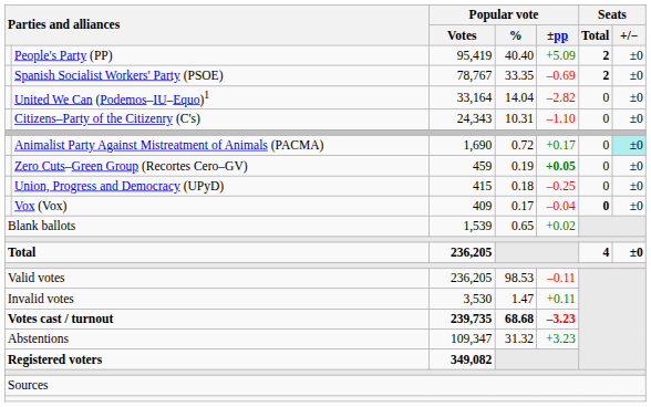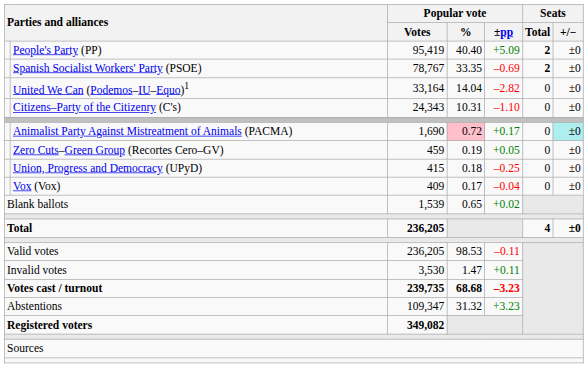 <table class="wikitable" style="text-align:right;">
 <tr>
 <th style="text-align:left;" rowspan="2" colspan="2" width="525">Parties and alliances</th>
 <th colspan="3">Popular vote</th>
 <th colspan="2">Seats</th>
 </tr>
 <tr>
 <th width="75">Votes</th>
 <th width="45">%</th>
 <th width="45">±<a href='#'>pp</a></th>
 <th width="35">Total</th>
 <th width="35">+/−</th>
 </tr>
 <tr>
 <td width="1" style="color:inherit;background:"></td>
 <td align="left"><a href='#'>People's Party</a> (PP)</td>
 <td>95,419</td>
 <td>40.40</td>
 <td style="color:green;">+5.09</td>
 <td><strong>2</strong></td>
 <td>±0</td>
 </tr>
 <tr>
 <td style="color:inherit;background:"></td>
 <td align="left"><a href='#'>Spanish Socialist Workers' Party</a> (PSOE)</td>
 <td>78,767</td>
 <td>33.35</td>
 <td style="color:red;">–0.69</td>
 <td><strong>2</strong></td>
 <td>±0</td>
 </tr>
 <tr>
 <td style="color:inherit;background:"></td>
 <td align="left"><a href='#'>United We Can</a> (<a href='#'>Podemos</a>–<a href='#'>IU</a>–<a href='#'>Equo</a>)<sup>1</sup></td>
 <td>33,164</td>
 <td>14.04</td>
 <td style="color:red;">–2.82</td>
 <td>0</td>
 <td>±0</td>
 </tr>
 <tr>
 <td style="color:inherit;background:"></td>
 <td align="left"><a href='#'>Citizens–Party of the Citizenry</a> (C's)</td>
 <td>24,343</td>
 <td>10.31</td>
 <td style="color:red;">–1.10</td>
 <td>0</td>
 <td>±0</td>
 </tr>
 <tr>
 <td colspan="7" bgcolor="#C0C0C0"></td>
 </tr>
 <tr>
 <td style="color:inherit;background:"></td>
 <td align="left"><a href='#'>Animalist Party Against Mistreatment of Animals</a> (PACMA)</td>
 <td>1,690</td>
-<td>0.72</td>
+<td style="background: pink;">0.72</td>
 <td style="color:green;">+0.17</td>
 <td>0</td>
 <td style="background: paleturquoise;">±0</td>
 </tr>
 <tr>
 <td style="color:inherit;background:"></td>
 <td align="left"><a href='#'>Zero Cuts</a>–<a href='#'>Green Group</a> (Recortes Cero–GV)</td>
 <td>459</td>
 <td>0.19</td>
-<td style="color:green;"><strong>+0.05</strong></td>
+<td style="color:green;">+0.05</td>
 <td>0</td>
 <td>±0</td>
 </tr>
 <tr>
 <td style="color:inherit;background:"></td>
 <td align="left"><a href='#'>Union, Progress and Democracy</a> (UPyD)</td>
 <td>415</td>
 <td>0.18</td>
 <td style="color:red;">–0.25</td>
 <td>0</td>
 <td>±0</td>
 </tr>
 <tr>
 <td style="color:inherit;background:"></td>
 <td align="left"><a href='#'>Vox</a> (Vox)</td>
 <td>409</td>
 <td>0.17</td>
 <td style="color:red;">–0.04</td>
-<td><strong>0</strong></td>
+<td>0</td>
 <td>±0</td>
 </tr>
 <tr>
 <td align="left" colspan="2">Blank ballots</td>
 <td>1,539</td>
 <td>0.65</td>
 <td style="color:green;">+0.02</td>
 <td bgcolor="#E9E9E9" colspan="2"></td>
 </tr>
 <tr>
 <td colspan="7" bgcolor="#E9E9E9"></td>
 </tr>
 <tr style="font-weight:bold;">
 <td align="left" colspan="2">Total</td>
 <td>236,205</td>
 <td bgcolor="#E9E9E9" colspan="2"></td>
 <td>4</td>
 <td>±0</td>
 </tr>
 <tr>
 <td colspan="7" bgcolor="#E9E9E9"></td>
 </tr>
 <tr>
 <td align="left" colspan="2">Valid votes</td>
 <td>236,205</td>
 <td>98.53</td>
 <td style="color:red;">–0.11</td>
 <td bgcolor="#E9E9E9" colspan="2" rowspan="5"></td>
 </tr>
 <tr>
 <td align="left" colspan="2">Invalid votes</td>
 <td>3,530</td>
 <td>1.47</td>
 <td style="color:green;">+0.11</td>
 </tr>
 <tr style="font-weight:bold;">
 <td align="left" colspan="2">Votes cast / turnout</td>
 <td>239,735</td>
 <td>68.68</td>
 <td style="color:red;">–3.23</td>
 </tr>
 <tr>
 <td align="left" colspan="2">Abstentions</td>
 <td>109,347</td>
 <td>31.32</td>
 <td style="color:green;">+3.23</td>
 </tr>
 <tr style="font-weight:bold;">
 <td align="left" colspan="2">Registered voters</td>
 <td>349,082</td>
 <td bgcolor="#E9E9E9" colspan="2"></td>
 </tr>
 <tr>
 <td colspan="7" bgcolor="#E9E9E9"></td>
 </tr>
 <tr>
 <td align="left" colspan="7">Sources</td>
 </tr>
 <tr>
 <td colspan="7" style="text-align:left; max-width:790px;"></td>
 </tr>
 </table>
